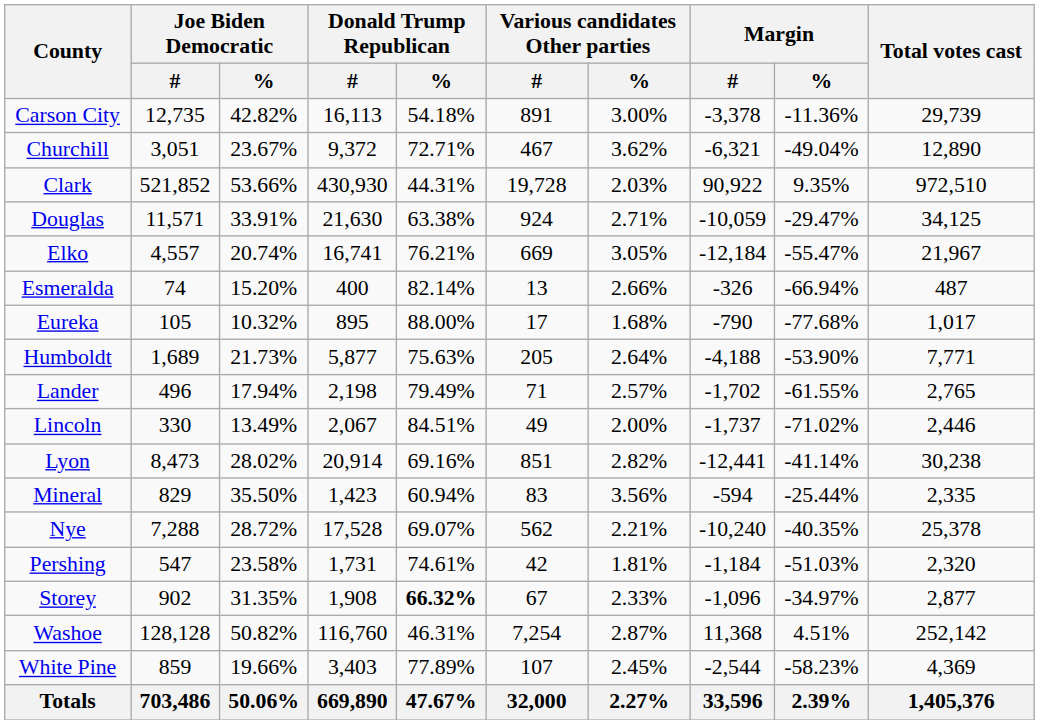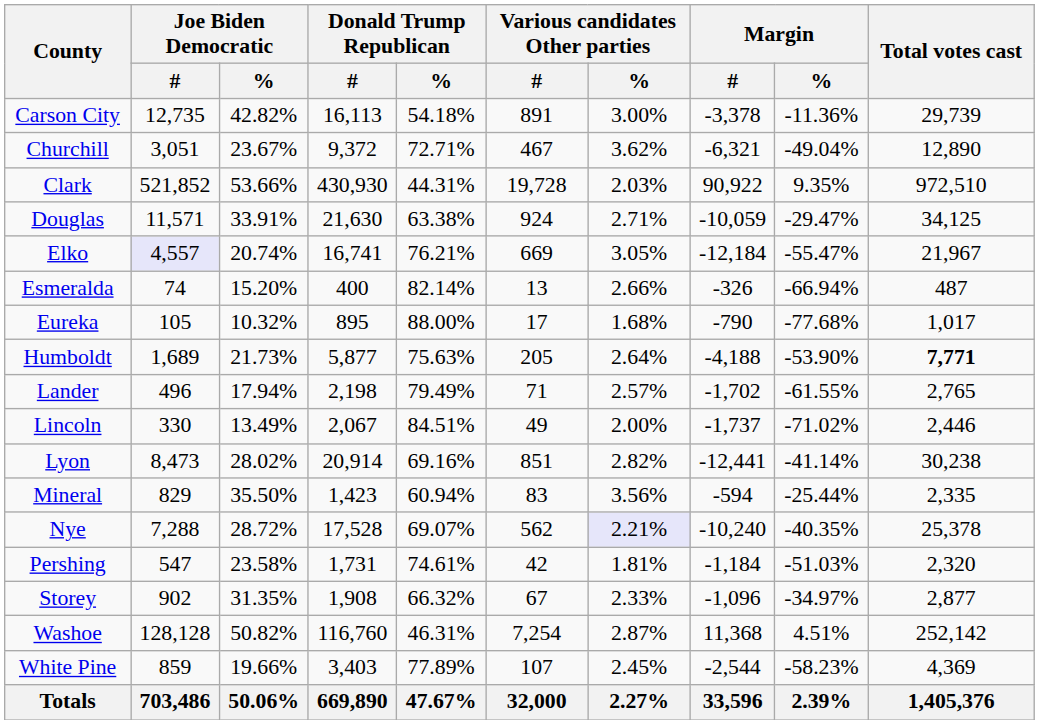 <table width="60%"  class="wikitable sortable" style="text-align:center">
 <tr>
 <th style="text-align:center;" rowspan="2">County</th>
 <th style="text-align:center;" colspan="2">Joe Biden<br>Democratic</th>
 <th style="text-align:center;" colspan="2">Donald Trump<br>Republican</th>
 <th style="text-align:center;" colspan="2">Various candidates<br>Other parties</th>
 <th style="text-align:center;" colspan="2">Margin</th>
 <th style="text-align:center;" rowspan="2">Total votes cast</th>
 </tr>
 <tr>
 <th style="text-align:center;" data-sort-type="number">#</th>
 <th style="text-align:center;" data-sort-type="number">%</th>
 <th style="text-align:center;" data-sort-type="number">#</th>
 <th style="text-align:center;" data-sort-type="number">%</th>
 <th style="text-align:center;" data-sort-type="number">#</th>
 <th style="text-align:center;" data-sort-type="number">%</th>
 <th style="text-align:center;" data-sort-type="number">#</th>
 <th style="text-align:center;" data-sort-type="number">%</th>
 </tr>
 <tr style="text-align:center;">
 <td><a href='#'>Carson City</a></td>
 <td>12,735</td>
 <td>42.82%</td>
 <td>16,113</td>
 <td>54.18%</td>
 <td>891</td>
 <td>3.00%</td>
 <td>-3,378</td>
 <td>-11.36%</td>
 <td>29,739</td>
 </tr>
 <tr style="text-align:center;">
 <td><a href='#'>Churchill</a></td>
 <td>3,051</td>
 <td>23.67%</td>
 <td>9,372</td>
 <td>72.71%</td>
 <td>467</td>
 <td>3.62%</td>
 <td>-6,321</td>
 <td>-49.04%</td>
 <td>12,890</td>
 </tr>
 <tr style="text-align:center;">
 <td><a href='#'>Clark</a></td>
 <td>521,852</td>
 <td>53.66%</td>
 <td>430,930</td>
 <td>44.31%</td>
 <td>19,728</td>
 <td>2.03%</td>
 <td>90,922</td>
 <td>9.35%</td>
 <td>972,510</td>
 </tr>
 <tr style="text-align:center;">
 <td><a href='#'>Douglas</a></td>
 <td>11,571</td>
 <td>33.91%</td>
 <td>21,630</td>
 <td>63.38%</td>
 <td>924</td>
 <td>2.71%</td>
 <td>-10,059</td>
 <td>-29.47%</td>
 <td>34,125</td>
 </tr>
 <tr style="text-align:center;">
 <td><a href='#'>Elko</a></td>
-<td>4,557</td>
+<td style="background: lavender;">4,557</td>
 <td>20.74%</td>
 <td>16,741</td>
 <td>76.21%</td>
 <td>669</td>
 <td>3.05%</td>
 <td>-12,184</td>
 <td>-55.47%</td>
 <td>21,967</td>
 </tr>
 <tr style="text-align:center;">
 <td><a href='#'>Esmeralda</a></td>
 <td>74</td>
 <td>15.20%</td>
 <td>400</td>
 <td>82.14%</td>
 <td>13</td>
 <td>2.66%</td>
 <td>-326</td>
 <td>-66.94%</td>
 <td>487</td>
 </tr>
 <tr style="text-align:center;">
 <td><a href='#'>Eureka</a></td>
 <td>105</td>
 <td>10.32%</td>
 <td>895</td>
 <td>88.00%</td>
 <td>17</td>
 <td>1.68%</td>
 <td>-790</td>
 <td>-77.68%</td>
 <td>1,017</td>
 </tr>
 <tr style="text-align:center;">
 <td><a href='#'>Humboldt</a></td>
 <td>1,689</td>
 <td>21.73%</td>
 <td>5,877</td>
 <td>75.63%</td>
 <td>205</td>
 <td>2.64%</td>
 <td>-4,188</td>
 <td>-53.90%</td>
-<td>7,771</td>
+<td><strong>7,771</strong></td>
 </tr>
 <tr style="text-align:center;">
 <td><a href='#'>Lander</a></td>
 <td>496</td>
 <td>17.94%</td>
 <td>2,198</td>
 <td>79.49%</td>
 <td>71</td>
 <td>2.57%</td>
 <td>-1,702</td>
 <td>-61.55%</td>
 <td>2,765</td>
 </tr>
 <tr style="text-align:center;">
 <td><a href='#'>Lincoln</a></td>
 <td>330</td>
 <td>13.49%</td>
 <td>2,067</td>
 <td>84.51%</td>
 <td>49</td>
 <td>2.00%</td>
 <td>-1,737</td>
 <td>-71.02%</td>
 <td>2,446</td>
 </tr>
 <tr style="text-align:center;">
 <td><a href='#'>Lyon</a></td>
 <td>8,473</td>
 <td>28.02%</td>
 <td>20,914</td>
 <td>69.16%</td>
 <td>851</td>
 <td>2.82%</td>
 <td>-12,441</td>
 <td>-41.14%</td>
 <td>30,238</td>
 </tr>
 <tr style="text-align:center;">
 <td><a href='#'>Mineral</a></td>
 <td>829</td>
 <td>35.50%</td>
 <td>1,423</td>
 <td>60.94%</td>
 <td>83</td>
 <td>3.56%</td>
 <td>-594</td>
 <td>-25.44%</td>
 <td>2,335</td>
 </tr>
 <tr style="text-align:center;">
 <td><a href='#'>Nye</a></td>
 <td>7,288</td>
 <td>28.72%</td>
 <td>17,528</td>
 <td>69.07%</td>
 <td>562</td>
-<td>2.21%</td>
+<td style="background: lavender;">2.21%</td>
 <td>-10,240</td>
 <td>-40.35%</td>
 <td>25,378</td>
 </tr>
 <tr style="text-align:center;">
 <td><a href='#'>Pershing</a></td>
 <td>547</td>
 <td>23.58%</td>
 <td>1,731</td>
 <td>74.61%</td>
 <td>42</td>
 <td>1.81%</td>
 <td>-1,184</td>
 <td>-51.03%</td>
 <td>2,320</td>
 </tr>
 <tr style="text-align:center;">
 <td><a href='#'>Storey</a></td>
 <td>902</td>
 <td>31.35%</td>
 <td>1,908</td>
-<td><strong>66.32%</strong></td>
+<td>66.32%</td>
 <td>67</td>
 <td>2.33%</td>
 <td>-1,096</td>
 <td>-34.97%</td>
 <td>2,877</td>
 </tr>
 <tr style="text-align:center;">
 <td><a href='#'>Washoe</a></td>
 <td>128,128</td>
 <td>50.82%</td>
 <td>116,760</td>
 <td>46.31%</td>
 <td>7,254</td>
 <td>2.87%</td>
 <td>11,368</td>
 <td>4.51%</td>
 <td>252,142</td>
 </tr>
 <tr style="text-align:center;">
 <td><a href='#'>White Pine</a></td>
 <td>859</td>
 <td>19.66%</td>
 <td>3,403</td>
 <td>77.89%</td>
 <td>107</td>
 <td>2.45%</td>
 <td>-2,544</td>
 <td>-58.23%</td>
 <td>4,369</td>
 </tr>
 <tr>
 <th>Totals</th>
 <th>703,486</th>
 <th>50.06%</th>
 <th>669,890</th>
 <th>47.67%</th>
 <th>32,000</th>
 <th>2.27%</th>
 <th>33,596</th>
 <th>2.39%</th>
 <th>1,405,376</th>
 </tr>
 </table>
